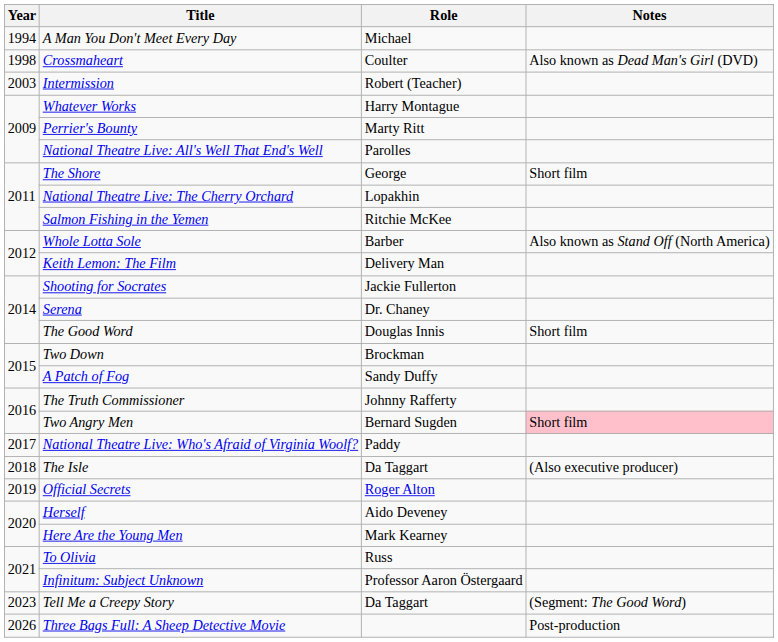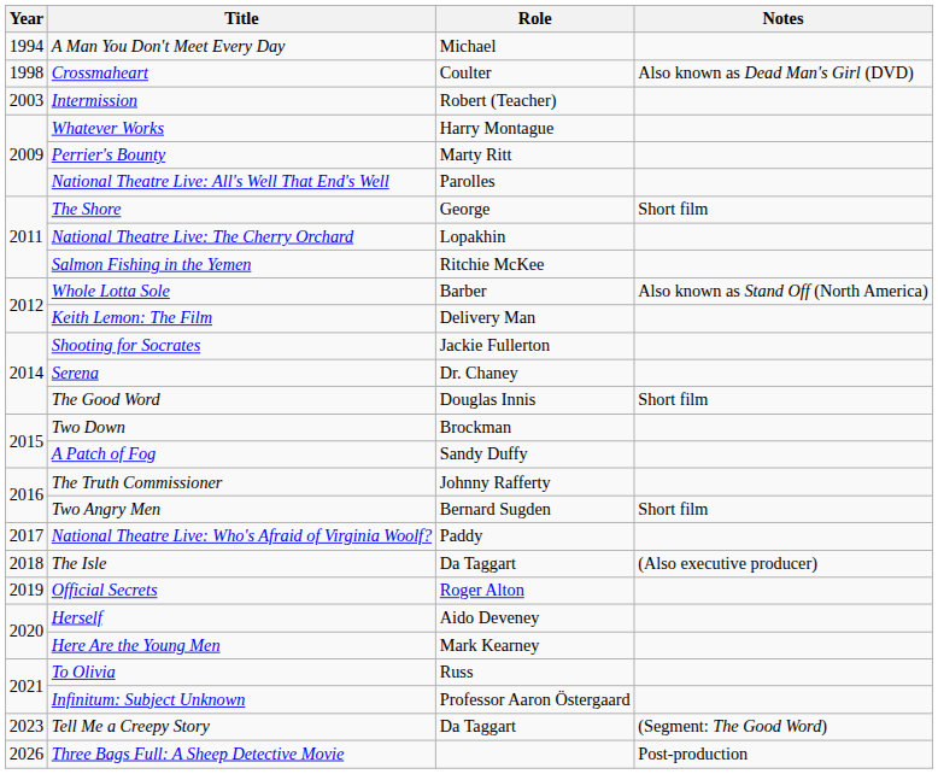 <table class="wikitable" border="1">
 <tr>
 <th>Year</th>
 <th>Title</th>
 <th>Role</th>
 <th>Notes</th>
 </tr>
 <tr>
 <td>1994</td>
 <td><em>A Man You Don't Meet Every Day</em></td>
 <td>Michael</td>
 <td></td>
 </tr>
 <tr>
 <td>1998</td>
 <td><em><a href='#'>Crossmaheart</a></em></td>
 <td>Coulter</td>
 <td>Also known as <em>Dead Man's Girl</em> (DVD)</td>
 </tr>
 <tr>
 <td>2003</td>
 <td><em><a href='#'>Intermission</a></em></td>
 <td>Robert (Teacher)</td>
 <td></td>
 </tr>
 <tr>
 <td rowspan="3">2009</td>
 <td><em><a href='#'>Whatever Works</a></em></td>
 <td>Harry Montague</td>
 <td></td>
 </tr>
 <tr>
 <td><em><a href='#'>Perrier's Bounty</a></em></td>
 <td>Marty Ritt</td>
 <td></td>
 </tr>
 <tr>
 <td><em><a href='#'>National Theatre Live: All's Well That End's Well</a></em></td>
 <td>Parolles</td>
 <td></td>
 </tr>
 <tr>
 <td rowspan="3">2011</td>
 <td><em><a href='#'>The Shore</a></em></td>
 <td>George</td>
 <td>Short film</td>
 </tr>
 <tr>
 <td><em><a href='#'>National Theatre Live: The Cherry Orchard</a></em></td>
 <td>Lopakhin</td>
 <td></td>
 </tr>
 <tr>
 <td><em><a href='#'>Salmon Fishing in the Yemen</a></em></td>
 <td>Ritchie McKee</td>
 <td></td>
 </tr>
 <tr>
 <td rowspan="2">2012</td>
 <td><em><a href='#'>Whole Lotta Sole</a></em></td>
 <td>Barber</td>
 <td>Also known as <em>Stand Off</em> (North America)</td>
 </tr>
 <tr>
 <td><em><a href='#'>Keith Lemon: The Film</a></em></td>
 <td>Delivery Man</td>
 <td></td>
 </tr>
 <tr>
 <td rowspan="3">2014</td>
 <td><em><a href='#'>Shooting for Socrates</a></em></td>
 <td>Jackie Fullerton</td>
 <td></td>
 </tr>
 <tr>
 <td><em><a href='#'>Serena</a></em></td>
 <td>Dr. Chaney</td>
 <td></td>
 </tr>
 <tr>
 <td><em>The Good Word</em></td>
 <td>Douglas Innis</td>
 <td>Short film</td>
 </tr>
 <tr>
 <td rowspan="2">2015</td>
 <td><em>Two Down</em></td>
 <td>Brockman</td>
 <td></td>
 </tr>
 <tr>
 <td><em><a href='#'>A Patch of Fog</a></em></td>
 <td>Sandy Duffy</td>
 <td></td>
 </tr>
 <tr>
 <td rowspan="2">2016</td>
 <td><em>The Truth Commissioner</em></td>
 <td>Johnny Rafferty</td>
 <td></td>
 </tr>
 <tr>
 <td><em>Two Angry Men</em></td>
 <td>Bernard Sugden</td>
-<td style="background: pink;">Short film</td>
+<td>Short film</td>
 </tr>
 <tr>
 <td>2017</td>
 <td><em><a href='#'>National Theatre Live: Who's Afraid of Virginia Woolf?</a></em></td>
 <td>Paddy</td>
 <td></td>
 </tr>
 <tr>
 <td>2018</td>
 <td><em>The Isle</em></td>
 <td>Da Taggart</td>
 <td>(Also executive producer)</td>
 </tr>
 <tr>
 <td>2019</td>
 <td><em><a href='#'>Official Secrets</a></em></td>
 <td><a href='#'>Roger Alton</a></td>
 <td></td>
 </tr>
 <tr>
 <td rowspan="2">2020</td>
 <td><em><a href='#'>Herself</a></em></td>
 <td>Aido Deveney</td>
 <td></td>
 </tr>
 <tr>
 <td><em><a href='#'>Here Are the Young Men</a></em></td>
 <td>Mark Kearney</td>
 <td></td>
 </tr>
 <tr>
 <td rowspan="2">2021</td>
 <td><em><a href='#'>To Olivia</a></em></td>
 <td>Russ</td>
 <td></td>
 </tr>
 <tr>
 <td><em><a href='#'>Infinitum: Subject Unknown</a></em></td>
 <td>Professor Aaron Östergaard</td>
 <td></td>
 </tr>
 <tr>
 <td>2023</td>
 <td><em>Tell Me a Creepy Story</em></td>
 <td>Da Taggart</td>
 <td>(Segment: <em>The Good Word</em>)</td>
 </tr>
 <tr>
 <td>2026</td>
 <td><em><a href='#'>Three Bags Full: A Sheep Detective Movie</a></em></td>
 <td></td>
 <td>Post-production</td>
 </tr>
 </table>
